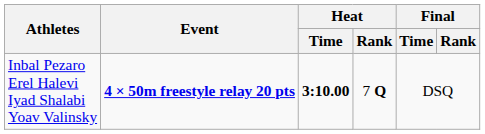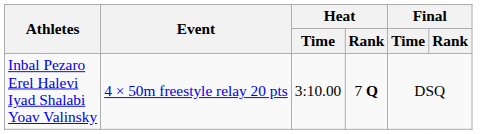 <table class=wikitable>
 <tr>
 <th rowspan="2">Athletes</th>
 <th rowspan="2">Event</th>
 <th colspan="2">Heat</th>
 <th colspan="2">Final</th>
 </tr>
 <tr>
 <th>Time</th>
 <th>Rank</th>
 <th>Time</th>
 <th>Rank</th>
 </tr>
 <tr align="center">
 <td align="left"><a href='#'>Inbal Pezaro</a><br><a href='#'>Erel Halevi</a><br><a href='#'>Iyad Shalabi</a><br><a href='#'>Yoav Valinsky</a></td>
-<td align="left"><strong><a href='#'>4 × 50m freestyle relay 20 pts</a></strong></td>
-<td><strong>3:10.00</strong></td>
+<td align="left"><a href='#'>4 × 50m freestyle relay 20 pts</a></td>
+<td>3:10.00</td>
 <td>7 <strong>Q</strong></td>
 <td colspan="2">DSQ</td>
 </tr>
 </table>
